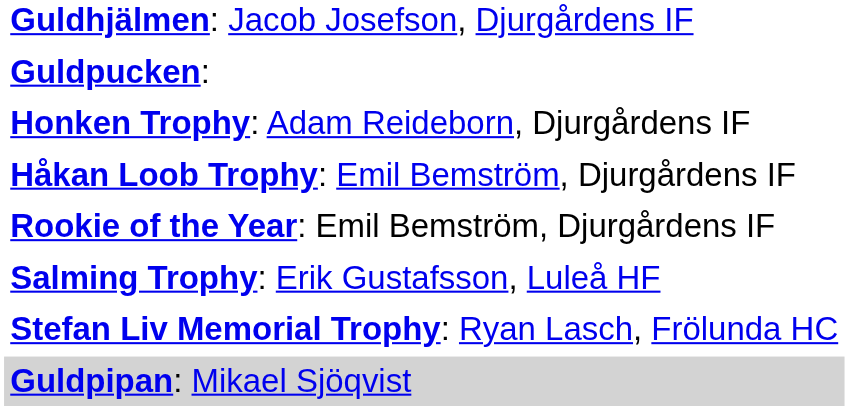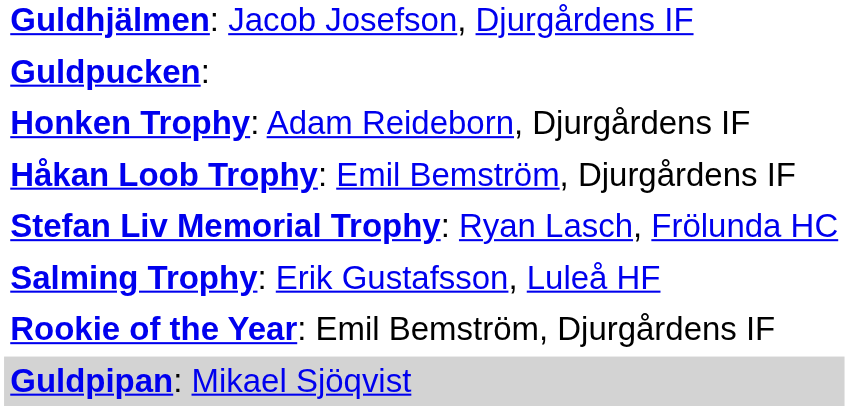 <table cellpadding="3" cellspacing="1">
 <tr>
 <td><strong><a href='#'>Guldhjälmen</a></strong>: <a href='#'>Jacob Josefson</a>, <a href='#'>Djurgårdens IF</a></td>
 </tr>
 <tr>
 <td><strong><a href='#'>Guldpucken</a></strong>:</td>
 </tr>
 <tr>
 <td><strong><a href='#'>Honken Trophy</a></strong>: <a href='#'>Adam Reideborn</a>, Djurgårdens IF</td>
 </tr>
 <tr>
 <td><strong><a href='#'>Håkan Loob Trophy</a></strong>: <a href='#'>Emil Bemström</a>, Djurgårdens IF</td>
 </tr>
 <tr>
-<td><strong><a href='#'>Rookie of the Year</a></strong>: Emil Bemström, Djurgårdens IF</td>
+<td><strong><a href='#'>Stefan Liv Memorial Trophy</a></strong>: <a href='#'>Ryan Lasch</a>, <a href='#'>Frölunda HC</a></td>
 </tr>
 <tr>
 <td><strong><a href='#'>Salming Trophy</a></strong>: <a href='#'>Erik Gustafsson</a>, <a href='#'>Luleå HF</a></td>
 </tr>
 <tr>
-<td><strong><a href='#'>Stefan Liv Memorial Trophy</a></strong>: <a href='#'>Ryan Lasch</a>, <a href='#'>Frölunda HC</a></td>
+<td><strong><a href='#'>Rookie of the Year</a></strong>: Emil Bemström, Djurgårdens IF</td>
 </tr>
 <tr>
 <td style="background: lightgrey;"><strong><a href='#'>Guldpipan</a></strong>: <a href='#'>Mikael Sjöqvist</a></td>
 </tr>
 </table>
